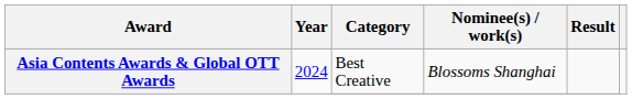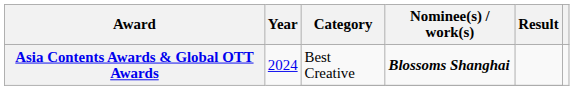 <table class="wikitable plainrowheaders sortable">
 <tr>
 <th scope="col">Award</th>
 <th scope="col">Year</th>
 <th scope="col">Category</th>
 <th scope="col">Nominee(s) / work(s)</th>
 <th scope="col">Result</th>
 <th scope="col" class="unsortable"></th>
 </tr>
 <tr>
 <th rowspan="2" scope="row"><a href='#'>Asia Contents Awards & Global OTT Awards</a></th>
 <td rowspan="2" style="text-align:center"><a href='#'>2024</a></td>
 <td>Best Creative</td>
-<td><em>Blossoms Shanghai</em></td>
+<td><strong><em>Blossoms Shanghai</em></strong></td>
 <td></td>
 <td rowspan="2" style="text-align:center"></td>
 </tr>
 <tr>
 </tr>
 </table>
